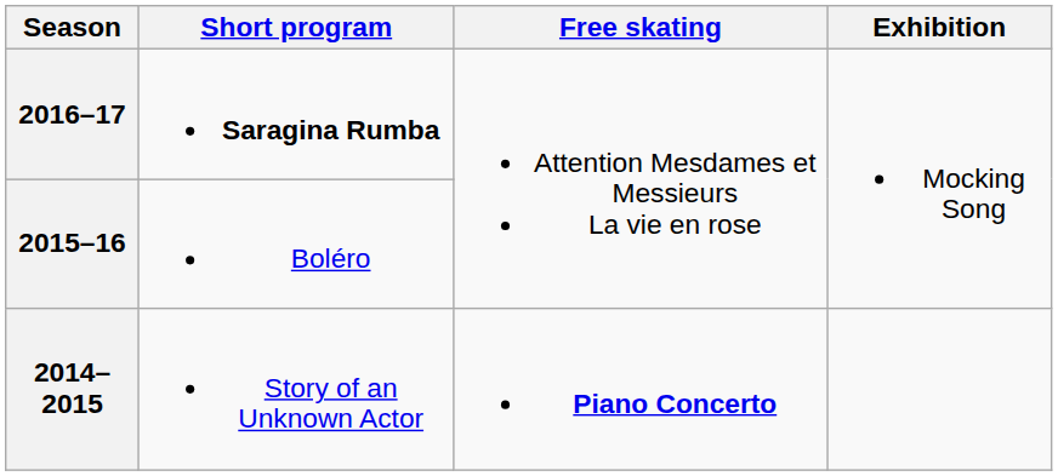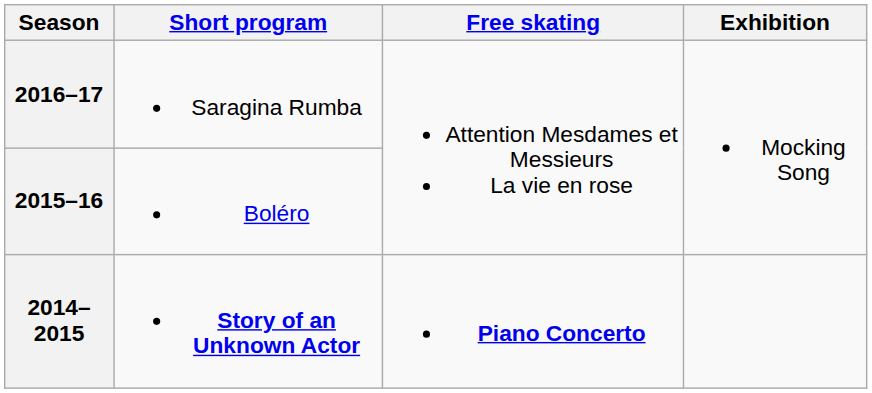 <table class=wikitable style=text-align:center>
 <tr>
 <th>Season</th>
 <th><a href='#'>Short program</a></th>
 <th><a href='#'>Free skating</a></th>
 <th>Exhibition</th>
 </tr>
 <tr>
 <th>2016–17 <br> </th>
-<td><strong><br><ul><li>Saragina Rumba <br></li></ul></strong></td>
+<td><br><ul><li>Saragina Rumba <br></li></ul></td>
 <td rowspan=2><br><ul><li>Attention Mesdames et Messieurs <br></li><li>La vie en rose <br></li></ul></td>
 <td rowspan=2><br><ul><li>Mocking Song <br></li></ul></td>
 </tr>
 <tr>
 <th>2015–16 <br> </th>
 <td><br><ul><li><a href='#'>Boléro</a> <br></li></ul></td>
 </tr>
 <tr>
 <th>2014–2015</th>
-<td><br><ul><li><a href='#'>Story of an Unknown Actor</a> <br></li></ul></td>
+<td><strong><br><ul><li><a href='#'>Story of an Unknown Actor</a> <br></li></ul></strong></td>
 <td><strong><br><ul><li><a href='#'>Piano Concerto</a> <br></li></ul></strong></td>
 <td></td>
 </tr>
 </table>
